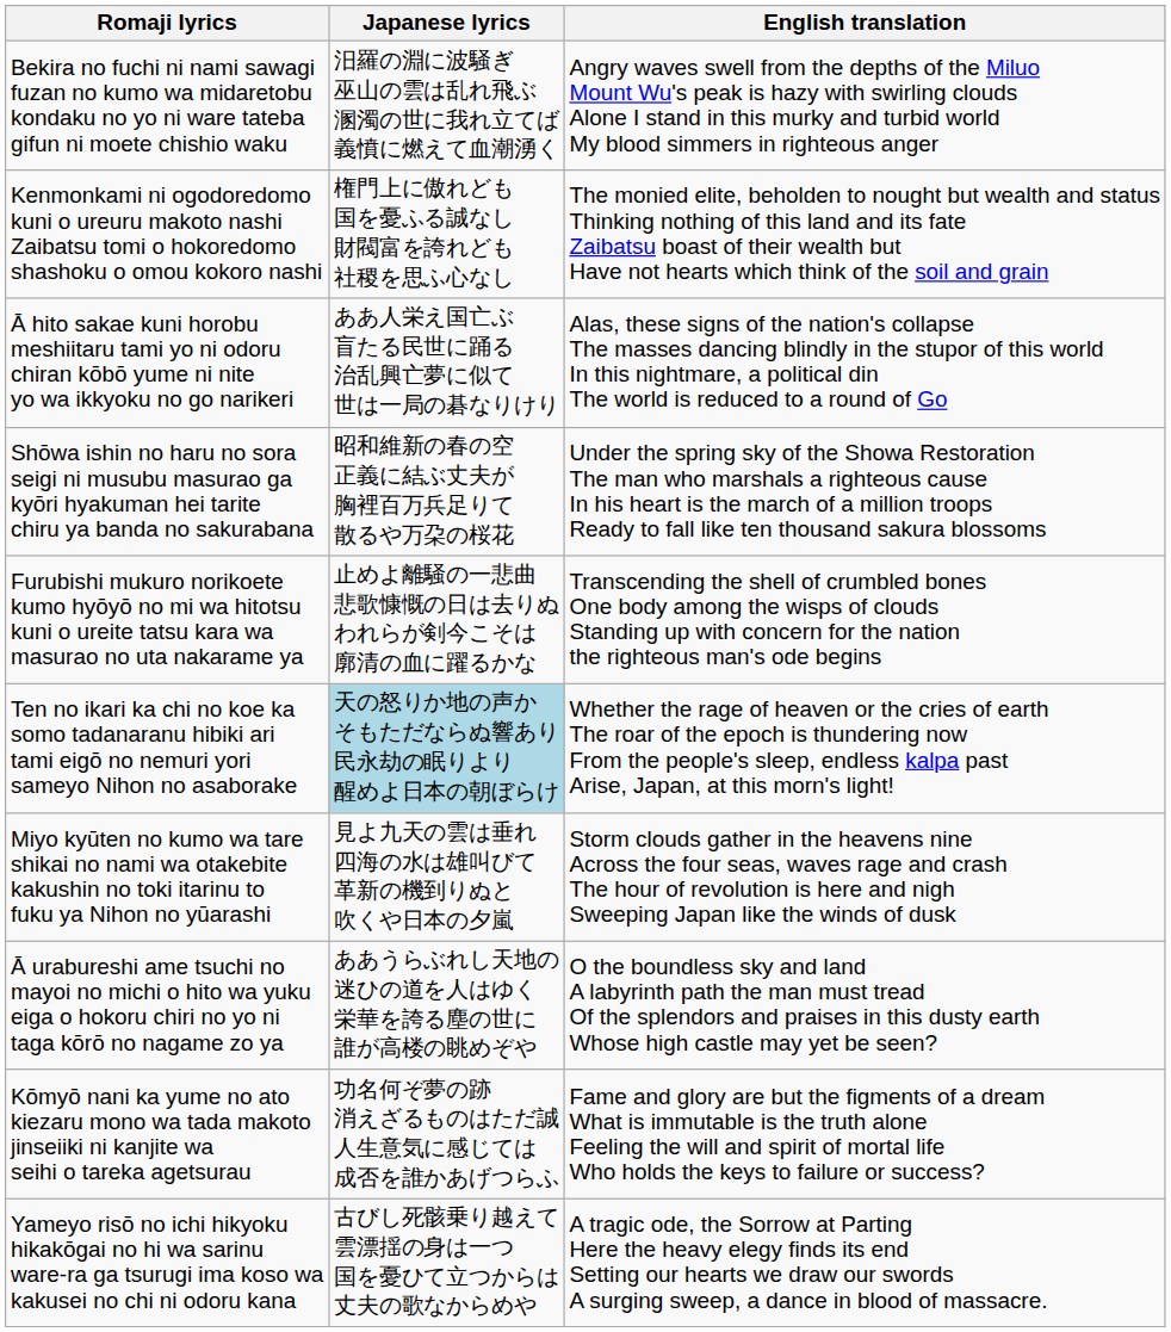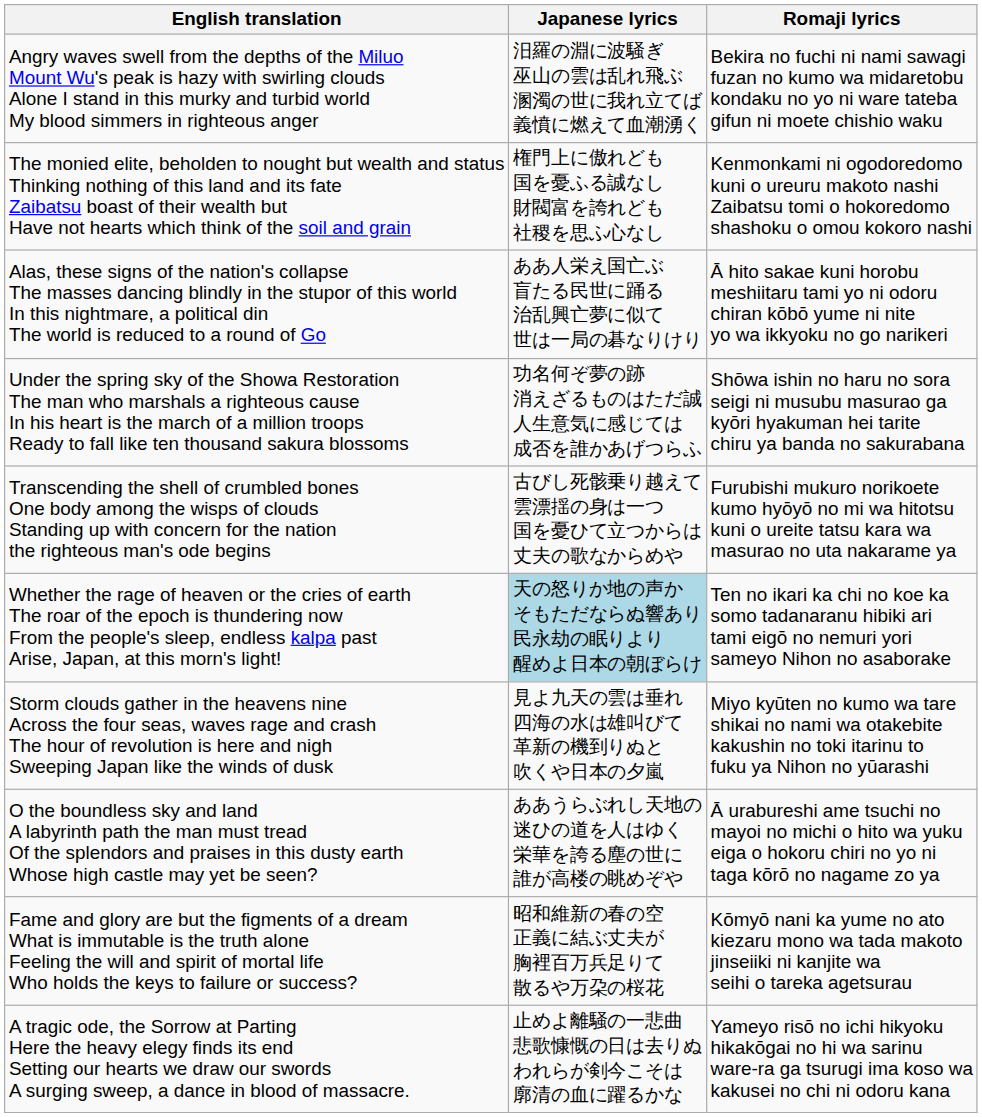 <table class="wikitable">
 <tr>
+<th>English translation</th>
+<th>Japanese lyrics</th>
 <th>Romaji lyrics</th>
-<th>Japanese lyrics</th>
-<th>English translation</th>
 </tr>
 <tr>
+<td>Angry waves swell from the depths of the <a href='#'>Miluo</a><br><a href='#'>Mount Wu</a>'s peak is hazy with swirling clouds<br>Alone I stand in this murky and turbid world<br>My blood simmers in righteous anger</td>
+<td>汨羅の淵に波騒ぎ<br>巫山の雲は乱れ飛ぶ<br>溷濁の世に我れ立てば<br>義憤に燃えて血潮湧く</td>
 <td>Bekira no fuchi ni nami sawagi<br>fuzan no kumo wa midaretobu<br>kondaku no yo ni ware tateba<br>gifun ni moete chishio waku</td>
-<td>汨羅の淵に波騒ぎ<br>巫山の雲は乱れ飛ぶ<br>溷濁の世に我れ立てば<br>義憤に燃えて血潮湧く</td>
-<td>Angry waves swell from the depths of the <a href='#'>Miluo</a><br><a href='#'>Mount Wu</a>'s peak is hazy with swirling clouds<br>Alone I stand in this murky and turbid world<br>My blood simmers in righteous anger</td>
 </tr>
 <tr>
+<td>The monied elite, beholden to nought but wealth and status<br>Thinking nothing of this land and its fate<br><a href='#'>Zaibatsu</a> boast of their wealth but<br>Have not hearts which think of the <a href='#'>soil and grain</a></td>
+<td>権門上に傲れども<br>国を憂ふる誠なし<br>財閥富を誇れども<br>社稷を思ふ心なし</td>
 <td>Kenmonkami ni ogodoredomo<br>kuni o ureuru makoto nashi<br>Zaibatsu tomi o hokoredomo<br>shashoku o omou kokoro nashi</td>
-<td>権門上に傲れども<br>国を憂ふる誠なし<br>財閥富を誇れども<br>社稷を思ふ心なし</td>
-<td>The monied elite, beholden to nought but wealth and status<br>Thinking nothing of this land and its fate<br><a href='#'>Zaibatsu</a> boast of their wealth but<br>Have not hearts which think of the <a href='#'>soil and grain</a></td>
 </tr>
 <tr>
+<td>Alas, these signs of the nation's collapse<br>The masses dancing blindly in the stupor of this world<br>In this nightmare, a political din<br>The world is reduced to a round of <a href='#'>Go</a></td>
+<td>ああ人栄え国亡ぶ<br>盲たる民世に踊る<br>治乱興亡夢に似て<br>世は一局の碁なりけり</td>
 <td>Ā hito sakae kuni horobu<br>meshiitaru tami yo ni odoru<br>chiran kōbō yume ni nite<br>yo wa ikkyoku no go narikeri</td>
-<td>ああ人栄え国亡ぶ<br>盲たる民世に踊る<br>治乱興亡夢に似て<br>世は一局の碁なりけり</td>
-<td>Alas, these signs of the nation's collapse<br>The masses dancing blindly in the stupor of this world<br>In this nightmare, a political din<br>The world is reduced to a round of <a href='#'>Go</a></td>
 </tr>
 <tr>
+<td>Under the spring sky of the Showa Restoration<br>The man who marshals a righteous cause<br>In his heart is the march of a million troops<br>Ready to fall like ten thousand sakura blossoms</td>
+<td>功名何ぞ夢の跡<br>消えざるものはただ誠<br>人生意気に感じては<br>成否を誰かあげつらふ</td>
 <td>Shōwa ishin no haru no sora<br>seigi ni musubu masurao ga<br>kyōri hyakuman hei tarite<br>chiru ya banda no sakurabana</td>
-<td>昭和維新の春の空<br>正義に結ぶ丈夫が<br>胸裡百万兵足りて<br>散るや万朶の桜花</td>
-<td>Under the spring sky of the Showa Restoration<br>The man who marshals a righteous cause<br>In his heart is the march of a million troops<br>Ready to fall like ten thousand sakura blossoms</td>
 </tr>
 <tr>
+<td>Transcending the shell of crumbled bones<br>One body among the wisps of clouds<br>Standing up with concern for the nation<br>the righteous man's ode begins</td>
+<td>古びし死骸乗り越えて<br>雲漂揺の身は一つ<br>国を憂ひて立つからは<br>丈夫の歌なからめや</td>
 <td>Furubishi mukuro norikoete<br>kumo hyōyō no mi wa hitotsu<br>kuni o ureite tatsu kara wa<br>masurao no uta nakarame ya</td>
-<td>止めよ離騒の一悲曲<br>悲歌慷慨の日は去りぬ<br>われらが剣今こそは<br>廓清の血に躍るかな</td>
-<td>Transcending the shell of crumbled bones<br>One body among the wisps of clouds<br>Standing up with concern for the nation<br>the righteous man's ode begins</td>
 </tr>
 <tr>
+<td>Whether the rage of heaven or the cries of earth<br>The roar of the epoch is thundering now<br>From the people's sleep, endless <a href='#'>kalpa</a> past<br>Arise, Japan, at this morn's light!</td>
+<td style="background: lightblue;">天の怒りか地の声か<br>そもただならぬ響あり<br>民永劫の眠りより<br>醒めよ日本の朝ぼらけ</td>
 <td>Ten no ikari ka chi no koe ka<br>somo tadanaranu hibiki ari<br>tami eigō no nemuri yori<br>sameyo Nihon no asaborake</td>
-<td style="background: lightblue;">天の怒りか地の声か<br>そもただならぬ響あり<br>民永劫の眠りより<br>醒めよ日本の朝ぼらけ</td>
-<td>Whether the rage of heaven or the cries of earth<br>The roar of the epoch is thundering now<br>From the people's sleep, endless <a href='#'>kalpa</a> past<br>Arise, Japan, at this morn's light!</td>
 </tr>
 <tr>
+<td>Storm clouds gather in the heavens nine<br>Across the four seas, waves rage and crash<br>The hour of revolution is here and nigh<br>Sweeping Japan like the winds of dusk</td>
+<td>見よ九天の雲は垂れ<br>四海の水は雄叫びて<br>革新の機到りぬと<br>吹くや日本の夕嵐</td>
 <td>Miyo kyūten no kumo wa tare<br>shikai no nami wa otakebite<br>kakushin no toki itarinu to<br>fuku ya Nihon no yūarashi</td>
-<td>見よ九天の雲は垂れ<br>四海の水は雄叫びて<br>革新の機到りぬと<br>吹くや日本の夕嵐</td>
-<td>Storm clouds gather in the heavens nine<br>Across the four seas, waves rage and crash<br>The hour of revolution is here and nigh<br>Sweeping Japan like the winds of dusk</td>
 </tr>
 <tr>
+<td>O the boundless sky and land<br>A labyrinth path the man must tread<br>Of the splendors and praises in this dusty earth<br>Whose high castle may yet be seen?</td>
+<td>ああうらぶれし天地の<br>迷ひの道を人はゆく<br>栄華を誇る塵の世に<br>誰が高楼の眺めぞや</td>
 <td>Ā urabureshi ame tsuchi no<br>mayoi no michi o hito wa yuku<br>eiga o hokoru chiri no yo ni<br>taga kōrō no nagame zo ya</td>
-<td>ああうらぶれし天地の<br>迷ひの道を人はゆく<br>栄華を誇る塵の世に<br>誰が高楼の眺めぞや</td>
-<td>O the boundless sky and land<br>A labyrinth path the man must tread<br>Of the splendors and praises in this dusty earth<br>Whose high castle may yet be seen?</td>
 </tr>
 <tr>
+<td>Fame and glory are but the figments of a dream<br>What is immutable is the truth alone<br>Feeling the will and spirit of mortal life<br>Who holds the keys to failure or success?</td>
+<td>昭和維新の春の空<br>正義に結ぶ丈夫が<br>胸裡百万兵足りて<br>散るや万朶の桜花</td>
 <td>Kōmyō nani ka yume no ato<br>kiezaru mono wa tada makoto<br>jinseiiki ni kanjite wa<br>seihi o tareka agetsurau</td>
-<td>功名何ぞ夢の跡<br>消えざるものはただ誠<br>人生意気に感じては<br>成否を誰かあげつらふ</td>
-<td>Fame and glory are but the figments of a dream<br>What is immutable is the truth alone<br>Feeling the will and spirit of mortal life<br>Who holds the keys to failure or success?</td>
 </tr>
 <tr>
+<td>A tragic ode, the Sorrow at Parting<br>Here the heavy elegy finds its end<br>Setting our hearts we draw our swords<br>A surging sweep, a dance in blood of massacre.</td>
+<td>止めよ離騒の一悲曲<br>悲歌慷慨の日は去りぬ<br>われらが剣今こそは<br>廓清の血に躍るかな</td>
 <td>Yameyo risō no ichi hikyoku<br>hikakōgai no hi wa sarinu<br>ware-ra ga tsurugi ima koso wa<br>kakusei no chi ni odoru kana</td>
-<td>古びし死骸乗り越えて<br>雲漂揺の身は一つ<br>国を憂ひて立つからは<br>丈夫の歌なからめや</td>
-<td>A tragic ode, the Sorrow at Parting<br>Here the heavy elegy finds its end<br>Setting our hearts we draw our swords<br>A surging sweep, a dance in blood of massacre.</td>
 </tr>
 </table>
